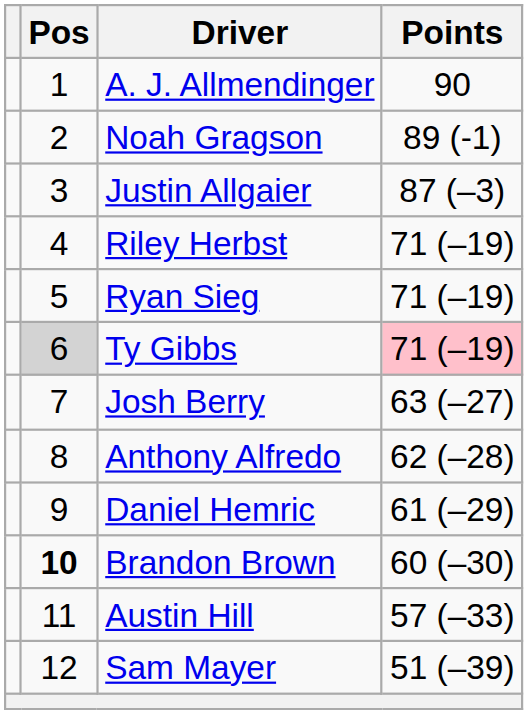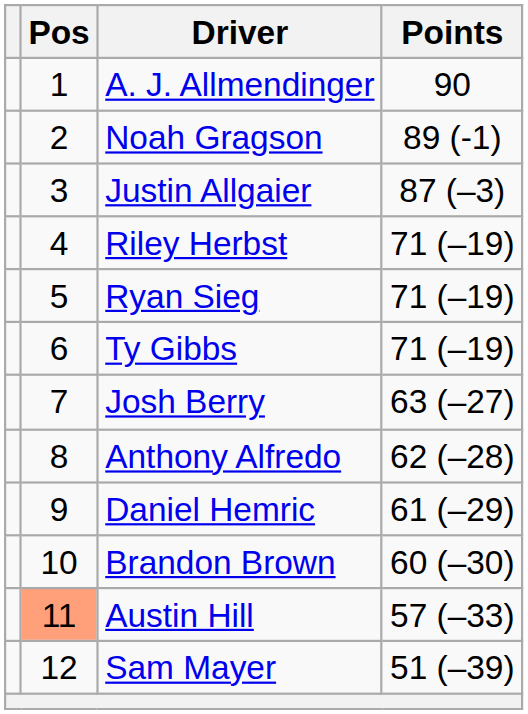 <table class="wikitable" style="font-size: 95%;">
 <tr>
 <th></th>
 <th>Pos</th>
 <th>Driver</th>
 <th>Points</th>
 </tr>
 <tr>
 <td align="left"></td>
 <td style="text-align:center;">1</td>
 <td><a href='#'>A. J. Allmendinger</a></td>
 <td style="text-align:center;">90</td>
 </tr>
 <tr>
 <td align="left"></td>
 <td style="text-align:center;">2</td>
 <td><a href='#'>Noah Gragson</a></td>
 <td style="text-align:center;">89 (-1)</td>
 </tr>
 <tr>
 <td align="left"></td>
 <td style="text-align:center;">3</td>
 <td><a href='#'>Justin Allgaier</a></td>
 <td style="text-align:center;">87 (–3)</td>
 </tr>
 <tr>
 <td align="left"></td>
 <td style="text-align:center;">4</td>
 <td><a href='#'>Riley Herbst</a></td>
 <td style="text-align:center;">71 (–19)</td>
 </tr>
 <tr>
 <td align="left"></td>
 <td style="text-align:center;">5</td>
 <td><a href='#'>Ryan Sieg</a></td>
 <td style="text-align:center;">71 (–19)</td>
 </tr>
 <tr>
 <td align="left"></td>
-<td style="background: lightgrey; text-align:center;">6</td>
+<td style="text-align:center;">6</td>
 <td><a href='#'>Ty Gibbs</a></td>
-<td style="background: pink; text-align:center;">71 (–19)</td>
+<td style="text-align:center;">71 (–19)</td>
 </tr>
 <tr>
 <td align="left"></td>
 <td style="text-align:center;">7</td>
 <td><a href='#'>Josh Berry</a></td>
 <td style="text-align:center;">63 (–27)</td>
 </tr>
 <tr>
 <td align="left"></td>
 <td style="text-align:center;">8</td>
 <td><a href='#'>Anthony Alfredo</a></td>
 <td style="text-align:center;">62 (–28)</td>
 </tr>
 <tr>
 <td align="left"></td>
 <td style="text-align:center;">9</td>
 <td><a href='#'>Daniel Hemric</a></td>
 <td style="text-align:center;">61 (–29)</td>
 </tr>
 <tr>
 <td align="left"></td>
-<td style="text-align:center;"><strong>10</strong></td>
+<td style="text-align:center;">10</td>
 <td><a href='#'>Brandon Brown</a></td>
 <td style="text-align:center;">60 (–30)</td>
 </tr>
 <tr>
 <td align="left"></td>
-<td style="text-align:center;">11</td>
+<td style="background: lightsalmon; text-align:center;">11</td>
 <td><a href='#'>Austin Hill</a></td>
 <td style="text-align:center;">57 (–33)</td>
 </tr>
 <tr>
 <td align="left"></td>
 <td style="text-align:center;">12</td>
 <td><a href='#'>Sam Mayer</a></td>
 <td style="text-align:center;">51 (–39)</td>
 </tr>
 <tr class="sortbottom">
 <th colspan="9"></th>
 </tr>
 </table>
